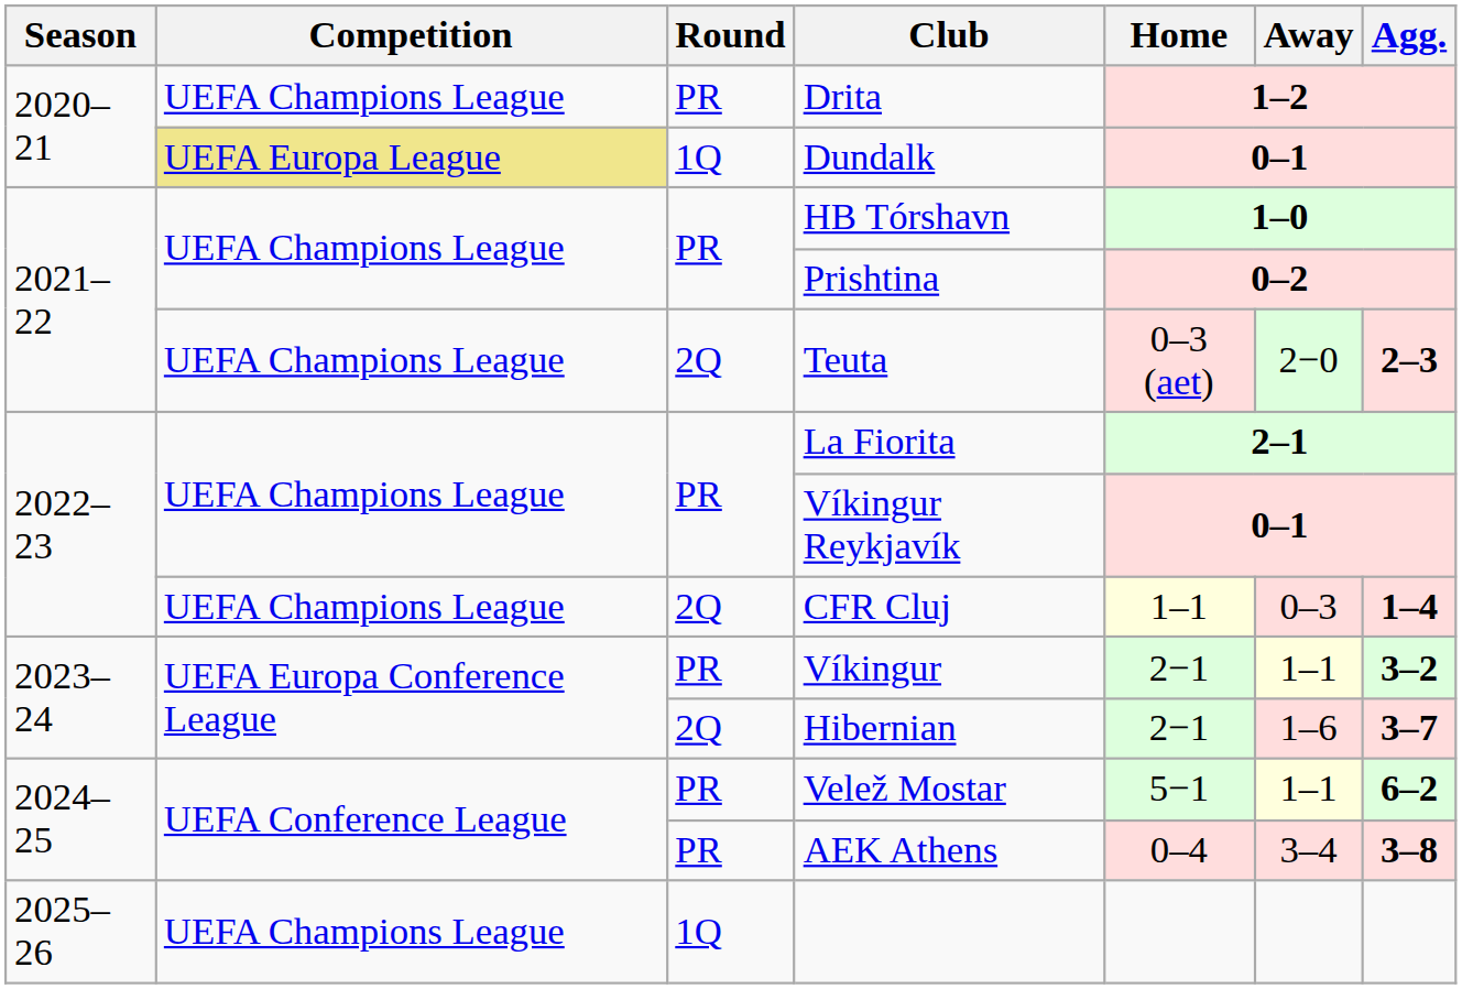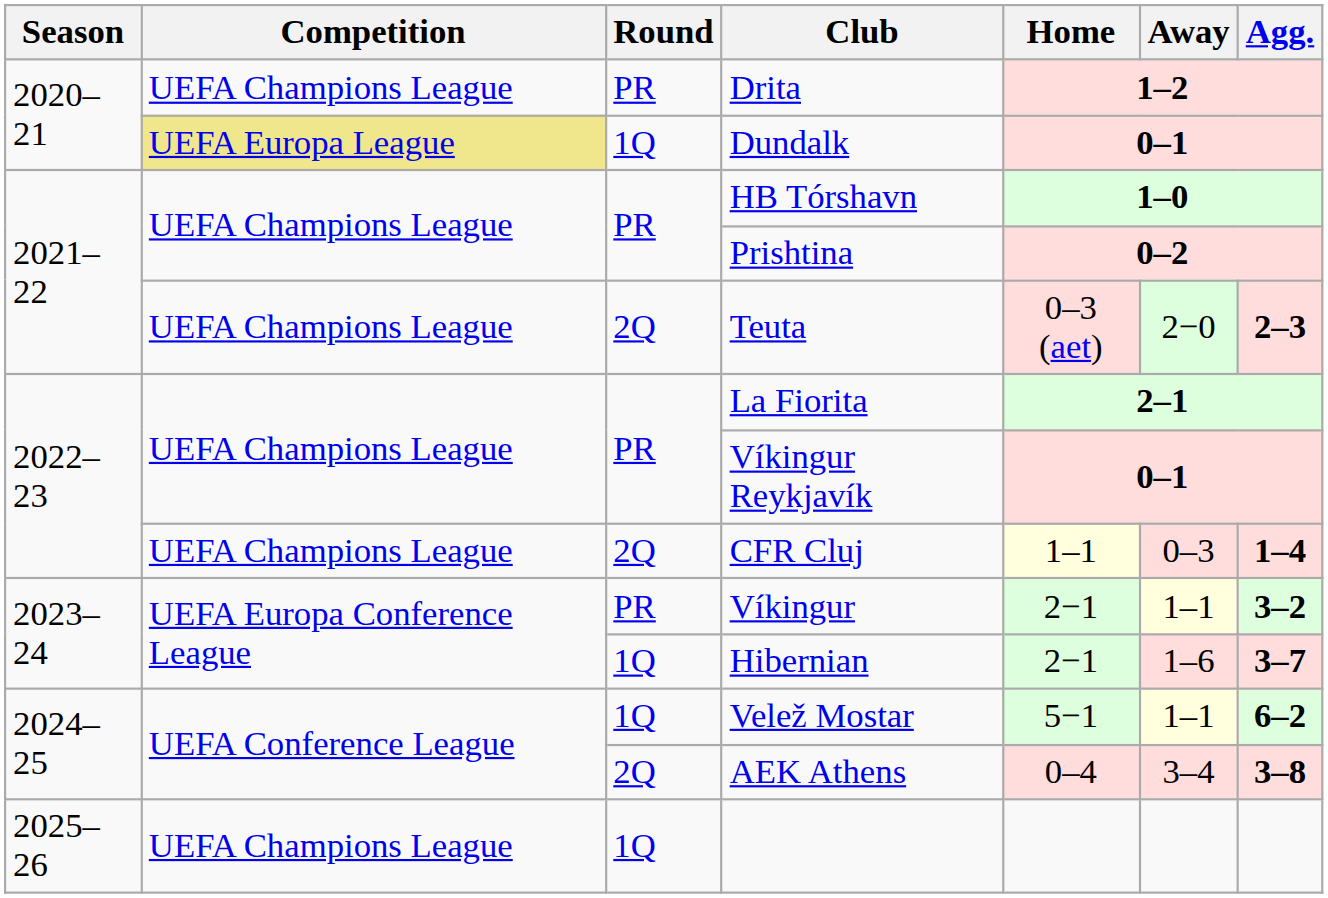 <table class="wikitable" style="text-align:left">
 <tr>
 <th>Season</th>
 <th>Competition</th>
 <th>Round</th>
 <th>Club</th>
 <th>Home</th>
 <th>Away</th>
 <th><a href='#'>Agg.</a></th>
 </tr>
 <tr>
 <td rowspan="2">2020–21</td>
 <td rowspan="1"><a href='#'>UEFA Champions League</a></td>
 <td><a href='#'>PR</a></td>
 <td> <a href='#'>Drita</a></td>
 <td colspan="3" style="text-align:center; background:#fdd;"><strong>1–2</strong></td>
 </tr>
 <tr>
 <td rowspan="1" style="background: khaki;"><a href='#'>UEFA Europa League</a></td>
 <td><a href='#'>1Q</a></td>
 <td> <a href='#'>Dundalk</a></td>
 <td style="text-align:center; background:#fdd;" colspan=3><strong>0–1</strong></td>
 </tr>
 <tr>
 <td rowspan="3">2021–22</td>
 <td rowspan="2"><a href='#'>UEFA Champions League</a></td>
 <td rowspan="2"><a href='#'>PR</a></td>
 <td> <a href='#'>HB Tórshavn</a></td>
 <td colspan="3" style="text-align:center; background:#ddffdd;"><strong>1–0</strong></td>
 </tr>
 <tr>
 <td> <a href='#'>Prishtina</a></td>
 <td colspan="3" style="text-align:center; background:#fdd;"><strong>0–2</strong></td>
 </tr>
 <tr>
 <td rowspan="1"><a href='#'>UEFA Champions League</a></td>
 <td><a href='#'>2Q</a></td>
 <td> <a href='#'>Teuta</a></td>
 <td bgcolor="#fdd" style="text-align:center;">0–3 (<a href='#'>aet</a>)</td>
 <td bgcolor="#ddffdd" style="text-align:center;">2−0</td>
 <td bgcolor="#fdd" style="text-align:center;"><strong>2–3</strong></td>
 </tr>
 <tr>
 <td rowspan="3">2022–23</td>
 <td rowspan="2"><a href='#'>UEFA Champions League</a></td>
 <td rowspan="2"><a href='#'>PR</a></td>
 <td> <a href='#'>La Fiorita</a></td>
 <td colspan="3" style="text-align:center; background:#ddffdd;"><strong>2–1</strong></td>
 </tr>
 <tr>
 <td> <a href='#'>Víkingur Reykjavík</a></td>
 <td colspan="3" style="text-align:center; background:#fdd;"><strong>0–1</strong></td>
 </tr>
 <tr>
 <td><a href='#'>UEFA Champions League</a></td>
 <td><a href='#'>2Q</a></td>
 <td> <a href='#'>CFR Cluj</a></td>
 <td bgcolor="#ffffdd" style="text-align:center;">1–1</td>
 <td bgcolor="#fdd" style="text-align:center;">0–3</td>
 <td bgcolor="#fdd" style="text-align:center;"><strong>1–4</strong></td>
 </tr>
 <tr>
 <td rowspan=2>2023–24</td>
 <td rowspan=2><a href='#'>UEFA Europa Conference League</a></td>
 <td><a href='#'>PR</a></td>
 <td> <a href='#'>Víkingur</a></td>
 <td bgcolor="#ddffdd" style="text-align:center;">2−1</td>
 <td bgcolor="#ffffdd" style="text-align:center;">1–1</td>
 <td bgcolor="#ddffdd" style="text-align:center;"><strong>3–2</strong></td>
 </tr>
 <tr>
-<td><a href='#'>2Q</a></td>
+<td><a href='#'>1Q</a></td>
 <td> <a href='#'>Hibernian</a></td>
 <td bgcolor="#ddffdd" style="text-align:center;">2−1</td>
 <td bgcolor="#fdd" style="text-align:center;">1–6</td>
 <td bgcolor="#fdd" style="text-align:center;"><strong>3–7</strong></td>
 </tr>
 <tr>
 <td rowspan=2>2024–25</td>
 <td rowspan=2><a href='#'>UEFA Conference League</a></td>
-<td><a href='#'>PR</a></td>
+<td><a href='#'>1Q</a></td>
 <td> <a href='#'>Velež Mostar</a></td>
 <td bgcolor="#ddffdd" style="text-align:center;">5−1</td>
 <td bgcolor="#ffffdd" style="text-align:center;">1–1</td>
 <td bgcolor="#ddffdd" style="text-align:center;"><strong>6–2</strong></td>
 </tr>
 <tr>
-<td><a href='#'>PR</a></td>
+<td><a href='#'>2Q</a></td>
 <td> <a href='#'>AEK Athens</a></td>
 <td bgcolor="#fdd" style="text-align:center;">0–4</td>
 <td bgcolor="#fdd" style="text-align:center;">3–4</td>
 <td bgcolor="#fdd" style="text-align:center;"><strong>3–8</strong></td>
 </tr>
 <tr>
 <td>2025–26</td>
 <td><a href='#'>UEFA Champions League</a></td>
 <td><a href='#'>1Q</a></td>
 <td></td>
 <td style="text-align:center;"></td>
 <td style="text-align:center;"></td>
 <td style="text-align:center;"></td>
 </tr>
 </table>
